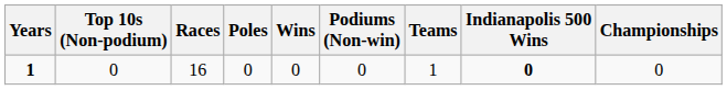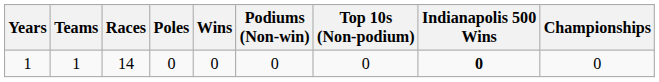 <table class="wikitable" style="text-align:center; font-size:95%">
 <tr>
 <th>Years</th>
-<th>Top 10s<br>(Non-podium)</th>
+<th>Teams</th>
 <th>Races</th>
 <th>Poles</th>
 <th>Wins</th>
 <th>Podiums<br>(Non-win)</th>
-<th>Teams</th>
+<th>Top 10s<br>(Non-podium)</th>
 <th>Indianapolis 500<br>Wins</th>
 <th>Championships</th>
 </tr>
 <tr>
-<td><strong>1</strong></td>
-<td>0</td>
-<td>16</td>
+<td>1</td>
+<td>1</td>
+<td>14</td>
 <td>0</td>
 <td>0</td>
 <td>0</td>
-<td>1</td>
+<td>0</td>
 <td><strong>0</strong></td>
 <td>0</td>
 </tr>
 </table>
